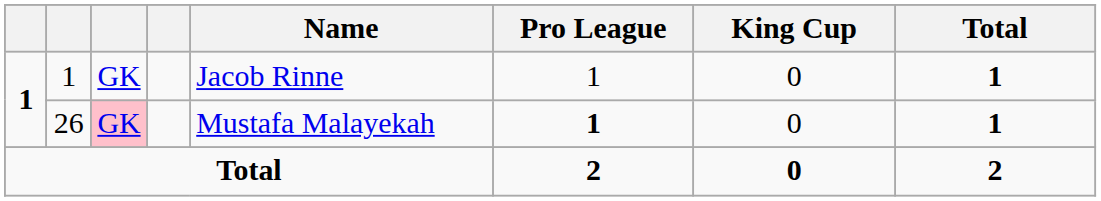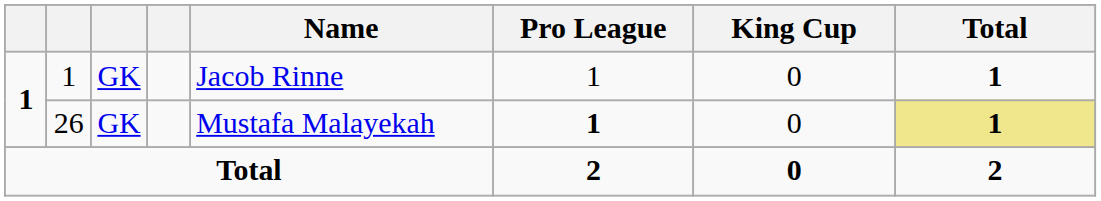 <table class="wikitable" style="text-align:center">
 <tr>
 <th width=15></th>
 <th width=15></th>
 <th width=15></th>
 <th width=15></th>
 <th width=155>Name</th>
 <th width=100>Pro League</th>
 <th width=100>King Cup</th>
 <th width=100>Total</th>
 </tr>
 <tr>
 <td rowspan=2><strong>1</strong></td>
 <td>1</td>
 <td><a href='#'>GK</a></td>
 <td></td>
 <td align=left><a href='#'>Jacob Rinne</a></td>
 <td>1</td>
 <td>0</td>
 <td><strong>1</strong></td>
 </tr>
 <tr>
 <td>26</td>
-<td style="background: pink;"><a href='#'>GK</a></td>
+<td><a href='#'>GK</a></td>
 <td></td>
 <td align=left><a href='#'>Mustafa Malayekah</a></td>
 <td><strong>1</strong></td>
 <td>0</td>
-<td><strong>1</strong></td>
+<td style="background: khaki;"><strong>1</strong></td>
 </tr>
 <tr>
 <td colspan=5><strong>Total</strong></td>
 <td><strong>2</strong></td>
 <td><strong>0</strong></td>
 <td><strong>2</strong></td>
 </tr>
 </table>
